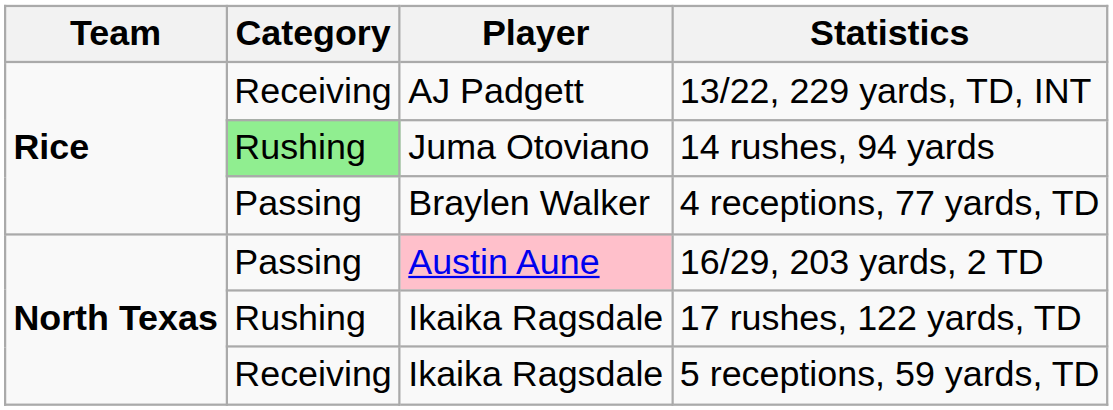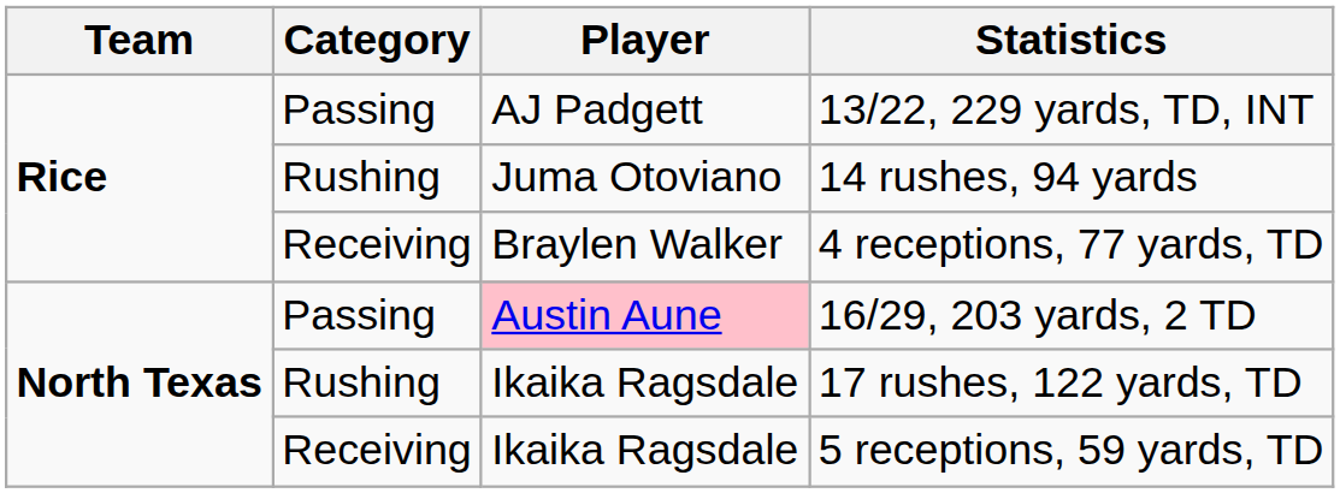 <table class="wikitable" style="float: left;">
 <tr>
 <th>Team</th>
 <th>Category</th>
 <th>Player</th>
 <th>Statistics</th>
 </tr>
 <tr>
 <td rowspan=3><strong>Rice</strong></td>
-<td>Receiving</td>
+<td>Passing</td>
 <td>AJ Padgett</td>
 <td>13/22, 229 yards, TD, INT</td>
 </tr>
 <tr>
-<td style="background: lightgreen;">Rushing</td>
+<td>Rushing</td>
 <td>Juma Otoviano</td>
 <td>14 rushes, 94 yards</td>
 </tr>
 <tr>
-<td>Passing</td>
+<td>Receiving</td>
 <td>Braylen Walker</td>
 <td>4 receptions, 77 yards, TD</td>
 </tr>
 <tr>
 <td rowspan=3><strong>North Texas</strong></td>
 <td>Passing</td>
 <td style="background: pink;"><a href='#'>Austin Aune</a></td>
 <td>16/29, 203 yards, 2 TD</td>
 </tr>
 <tr>
 <td>Rushing</td>
 <td>Ikaika Ragsdale</td>
 <td>17 rushes, 122 yards, TD</td>
 </tr>
 <tr>
 <td>Receiving</td>
 <td>Ikaika Ragsdale</td>
 <td>5 receptions, 59 yards, TD</td>
 </tr>
 </table>
